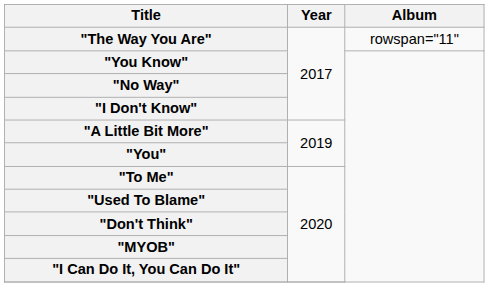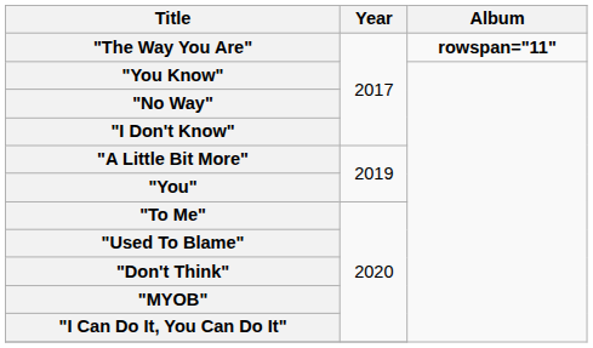 <table class="wikitable plainrowheaders" style="text-align:center; width:33em;">
 <tr>
 <th scope="col">Title</th>
 <th scope="col">Year</th>
 <th scope="col">Album</th>
 </tr>
 <tr>
 <th scope="row">"The Way You Are" </th>
 <td rowspan="4">2017</td>
-<td>rowspan="11" </td>
+<td><strong>rowspan="11" </strong></td>
 </tr>
 <tr>
 <th scope="row">"You Know"</th>
 </tr>
 <tr>
 <th scope="row">"No Way" </th>
 </tr>
 <tr>
 <th scope="row">"I Don't Know" <br></th>
 </tr>
 <tr>
 <th scope="row">"A Little Bit More" </th>
 <td rowspan="2">2019</td>
 </tr>
 <tr>
 <th scope="row">"You"</th>
 </tr>
 <tr>
 <th scope="row">"To Me" </th>
 <td rowspan="5">2020</td>
 </tr>
 <tr>
 <th scope="row">"Used To Blame" </th>
 </tr>
 <tr>
 <th scope="row">"Don't Think" </th>
 </tr>
 <tr>
 <th scope="row">"MYOB" </th>
 </tr>
 <tr>
 <th scope="row">"I Can Do It, You Can Do It"</th>
 </tr>
 <tr>
 </tr>
 </table>
